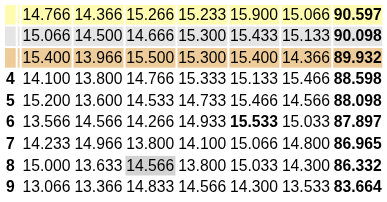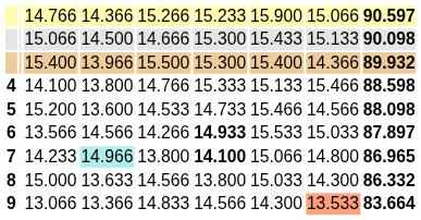 <table>
 <tr style="background:#fffcaf;">
 <th scope=row style="text-align:center"></th>
 <td align=left></td>
 <td>14.766</td>
 <td>14.366</td>
 <td>15.266</td>
 <td>15.233</td>
 <td>15.900</td>
 <td>15.066</td>
 <td><strong>90.597</strong></td>
 </tr>
 <tr style="background:#e5e5e5;">
 <th scope=row style="text-align:center"></th>
 <td align=left></td>
 <td>15.066</td>
 <td>14.500</td>
 <td>14.666</td>
 <td>15.300</td>
 <td>15.433</td>
 <td>15.133</td>
 <td><strong>90.098</strong></td>
 </tr>
 <tr style="background:#ec9;">
 <th scope=row style="text-align:center"></th>
 <td align=left></td>
 <td>15.400</td>
 <td>13.966</td>
 <td>15.500</td>
 <td>15.300</td>
 <td>15.400</td>
 <td>14.366</td>
 <td><strong>89.932</strong></td>
 </tr>
 <tr>
 <th scope=row style="text-align:center">4</th>
 <td align=left></td>
 <td>14.100</td>
 <td>13.800</td>
 <td>14.766</td>
 <td>15.333</td>
 <td>15.133</td>
 <td>15.466</td>
 <td><strong>88.598</strong></td>
 </tr>
 <tr>
 <th scope=row style="text-align:center">5</th>
 <td align=left></td>
 <td>15.200</td>
 <td>13.600</td>
 <td>14.533</td>
 <td>14.733</td>
 <td>15.466</td>
 <td>14.566</td>
 <td><strong>88.098</strong></td>
 </tr>
 <tr>
 <th scope=row style="text-align:center">6</th>
 <td align=left></td>
 <td>13.566</td>
 <td>14.566</td>
 <td>14.266</td>
-<td>14.933</td>
-<td><strong>15.533</strong></td>
+<td><strong>14.933</strong></td>
+<td>15.533</td>
 <td>15.033</td>
 <td><strong>87.897</strong></td>
 </tr>
 <tr>
 <th scope=row style="text-align:center">7</th>
 <td align=left></td>
 <td>14.233</td>
-<td>14.966</td>
+<td style="background: paleturquoise;">14.966</td>
 <td>13.800</td>
-<td>14.100</td>
+<td><strong>14.100</strong></td>
 <td>15.066</td>
 <td>14.800</td>
 <td><strong>86.965</strong></td>
 </tr>
 <tr>
 <th scope=row style="text-align:center">8</th>
 <td align=left></td>
 <td>15.000</td>
 <td>13.633</td>
-<td style="background: lightgrey;">14.566</td>
+<td>14.566</td>
 <td>13.800</td>
 <td>15.033</td>
 <td>14.300</td>
 <td><strong>86.332</strong></td>
 </tr>
 <tr>
 <th scope=row style="text-align:center">9</th>
 <td align=left></td>
 <td>13.066</td>
 <td>13.366</td>
 <td>14.833</td>
 <td>14.566</td>
 <td>14.300</td>
-<td>13.533</td>
+<td style="background: lightsalmon;">13.533</td>
 <td><strong>83.664</strong></td>
 </tr>
 </table>
